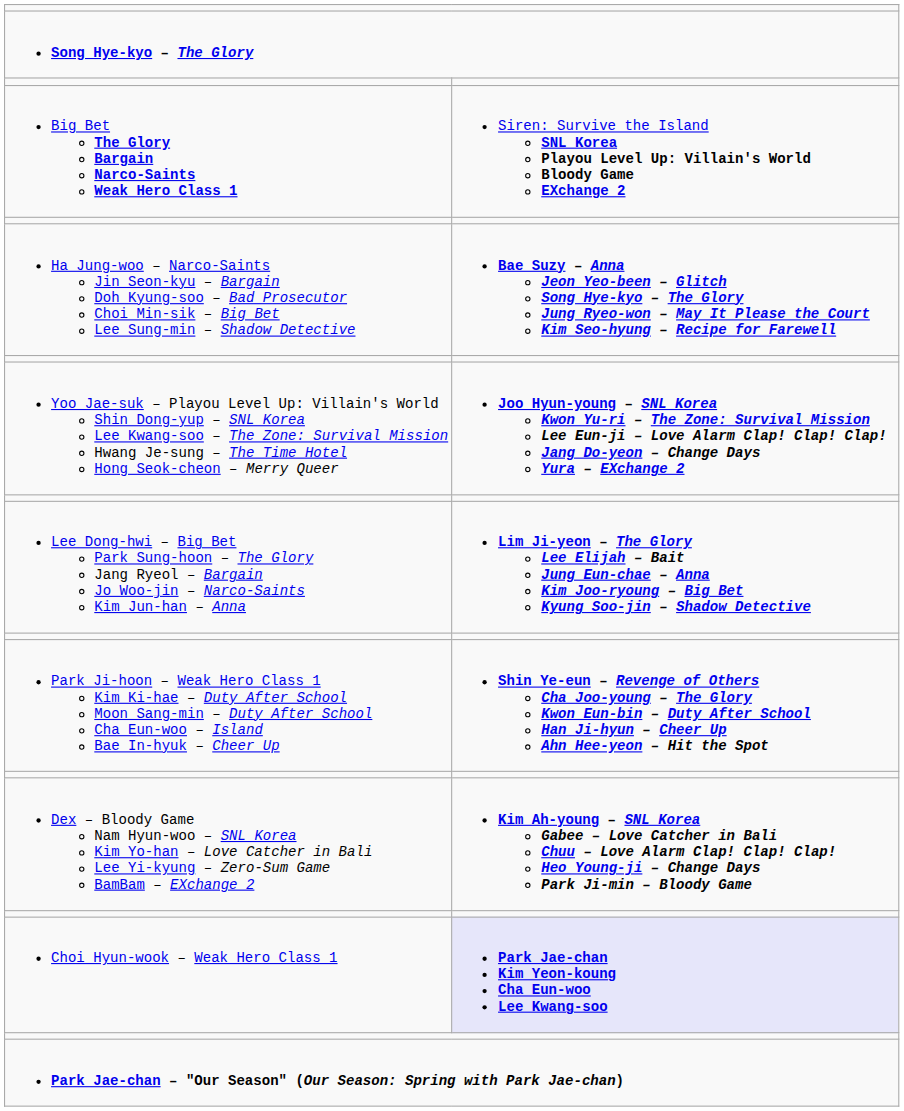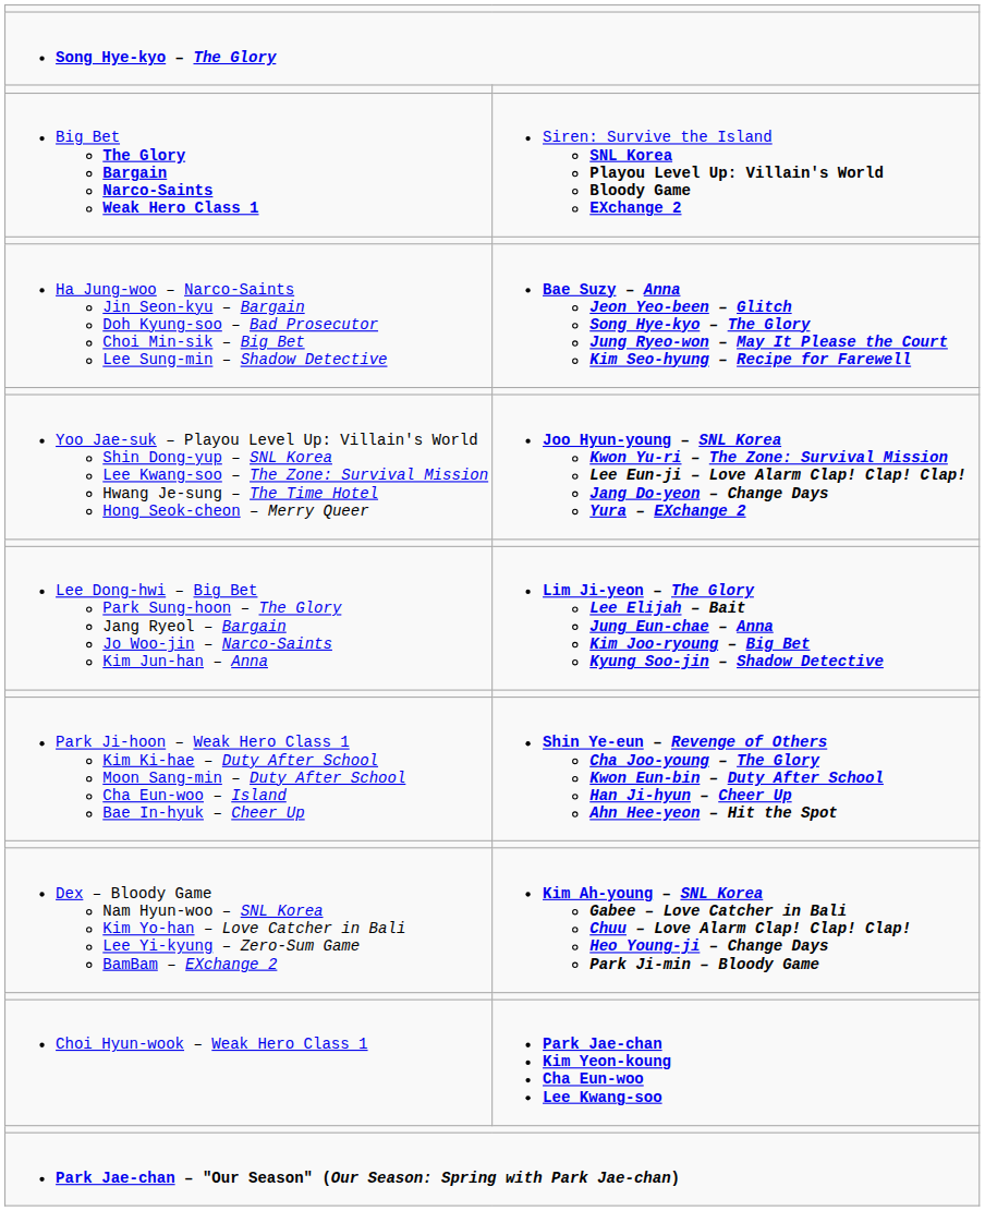 <table class="wikitable" align="center">
 <tr>
 <td colspan="2" style="vertical-align:top; width:50%;"></td>
 </tr>
 <tr>
 <td colspan="2" valign="top"><br><ul><li><strong><a href='#'>Song Hye-kyo</a> – <em><a href='#'>The Glory</a><strong><em></li></ul></td>
 </tr>
 <tr>
 <td style="vertical-align:top; width:50%;"></td>
 <td style="vertical-align:top; width:50%;"></td>
 </tr>
 <tr>
 <td valign="top"><br><ul><li></em></strong><a href='#'>Big Bet</a><strong><em><ul><li></em><a href='#'>The Glory</a><em></li><li></em><a href='#'>Bargain</a><em></li><li></em><a href='#'>Narco-Saints</a><em></li><li></em><a href='#'>Weak Hero Class 1</a><em></li></ul></li></ul></td>
 <td valign="top"><br><ul><li></em></strong><a href='#'>Siren: Survive the Island</a><strong><em><ul><li></em><a href='#'>SNL Korea</a><em></li><li></em>Playou Level Up: Villain's World<em></li><li></em>Bloody Game<em></li><li></em><a href='#'>EXchange 2</a><em></li></ul></li></ul></td>
 </tr>
 <tr>
 <td style="vertical-align:top; width:50%;"></td>
 <td style="vertical-align:top; width:50%;"></td>
 </tr>
 <tr>
 <td valign="top"><br><ul><li></strong><a href='#'>Ha Jung-woo</a> – </em><a href='#'>Narco-Saints</a></em></strong><ul><li><a href='#'>Jin Seon-kyu</a> – <em><a href='#'>Bargain</a></em></li><li><a href='#'>Doh Kyung-soo</a> – <em><a href='#'>Bad Prosecutor</a></em></li><li><a href='#'>Choi Min-sik</a> – <em><a href='#'>Big Bet</a></em></li><li><a href='#'>Lee Sung-min</a> – <em><a href='#'>Shadow Detective</a></em></li></ul></li></ul></td>
 <td valign="top"><br><ul><li><strong><a href='#'>Bae Suzy</a> – <em><a href='#'>Anna</a><strong><em><ul><li><a href='#'>Jeon Yeo-been</a> – </em><a href='#'>Glitch</a><em></li><li><a href='#'>Song Hye-kyo</a> – </em><a href='#'>The Glory</a><em></li><li><a href='#'>Jung Ryeo-won</a> – </em><a href='#'>May It Please the Court</a><em></li><li><a href='#'>Kim Seo-hyung</a> – </em><a href='#'>Recipe for Farewell</a><em></li></ul></li></ul></td>
 </tr>
 <tr>
 <td style="vertical-align:top; width:50%;"></td>
 <td style="vertical-align:top; width:50%;"></td>
 </tr>
 <tr>
 <td valign="top"><br><ul><li></strong><a href='#'>Yoo Jae-suk</a> – </em>Playou Level Up: Villain's World</em></strong><ul><li><a href='#'>Shin Dong-yup</a> – <em><a href='#'>SNL Korea</a></em></li><li><a href='#'>Lee Kwang-soo</a> – <em><a href='#'>The Zone: Survival Mission</a></em></li><li>Hwang Je-sung – <em><a href='#'>The Time Hotel</a></em></li><li><a href='#'>Hong Seok-cheon</a> – <em>Merry Queer</em></li></ul></li></ul></td>
 <td valign="top"><br><ul><li><strong><a href='#'>Joo Hyun-young</a> – <em><a href='#'>SNL Korea</a><strong><em><ul><li><a href='#'>Kwon Yu-ri</a> – </em><a href='#'>The Zone: Survival Mission</a><em></li><li>Lee Eun-ji – </em>Love Alarm Clap! Clap! Clap!<em></li><li><a href='#'>Jang Do-yeon</a> – </em>Change Days<em></li><li><a href='#'>Yura</a> – </em><a href='#'>EXchange 2</a><em></li></ul></li></ul></td>
 </tr>
 <tr>
 <td style="vertical-align:top; width:50%;"></td>
 <td style="vertical-align:top; width:50%;"></td>
 </tr>
 <tr>
 <td valign="top"><br><ul><li></strong><a href='#'>Lee Dong-hwi</a> – </em><a href='#'>Big Bet</a></em></strong><ul><li><a href='#'>Park Sung-hoon</a> – <em><a href='#'>The Glory</a></em></li><li>Jang Ryeol – <em><a href='#'>Bargain</a></em></li><li><a href='#'>Jo Woo-jin</a> – <em><a href='#'>Narco-Saints</a></em></li><li><a href='#'>Kim Jun-han</a> – <em><a href='#'>Anna</a></em></li></ul></li></ul></td>
 <td valign="top"><br><ul><li><strong><a href='#'>Lim Ji-yeon</a> – <em><a href='#'>The Glory</a><strong><em><ul><li><a href='#'>Lee Elijah</a> – </em>Bait<em></li><li><a href='#'>Jung Eun-chae</a> – </em><a href='#'>Anna</a><em></li><li><a href='#'>Kim Joo-ryoung</a> – </em><a href='#'>Big Bet</a><em></li><li><a href='#'>Kyung Soo-jin</a> – </em><a href='#'>Shadow Detective</a><em></li></ul></li></ul></td>
 </tr>
 <tr>
 <td style="vertical-align:top; width:50%;"></td>
 <td style="vertical-align:top; width:50%;"></td>
 </tr>
 <tr>
 <td valign="top"><br><ul><li></strong><a href='#'>Park Ji-hoon</a> – </em><a href='#'>Weak Hero Class 1</a></em></strong><ul><li><a href='#'>Kim Ki-hae</a> – <em><a href='#'>Duty After School</a></em></li><li><a href='#'>Moon Sang-min</a> – <em><a href='#'>Duty After School</a></em></li><li><a href='#'>Cha Eun-woo</a> – <em><a href='#'>Island</a></em></li><li><a href='#'>Bae In-hyuk</a> – <em><a href='#'>Cheer Up</a></em></li></ul></li></ul></td>
 <td valign="top"><br><ul><li><strong><a href='#'>Shin Ye-eun</a> – <em><a href='#'>Revenge of Others</a><strong><em><ul><li><a href='#'>Cha Joo-young</a> – </em><a href='#'>The Glory</a><em></li><li><a href='#'>Kwon Eun-bin</a> – </em><a href='#'>Duty After School</a><em></li><li><a href='#'>Han Ji-hyun</a> – </em><a href='#'>Cheer Up</a><em></li><li><a href='#'>Ahn Hee-yeon</a> – </em>Hit the Spot<em></li></ul></li></ul></td>
 </tr>
 <tr>
 <td style="vertical-align:top; width:50%;"></td>
 <td style="vertical-align:top; width:50%;"></td>
 </tr>
 <tr>
 <td valign="top"><br><ul><li></strong><a href='#'>Dex</a> – </em>Bloody Game</em></strong><ul><li>Nam Hyun-woo – <em><a href='#'>SNL Korea</a></em></li><li><a href='#'>Kim Yo-han</a> – <em>Love Catcher in Bali</em></li><li><a href='#'>Lee Yi-kyung</a> – <em>Zero-Sum Game</em></li><li><a href='#'>BamBam</a> – <em><a href='#'>EXchange 2</a></em></li></ul></li></ul></td>
 <td valign="top"><br><ul><li><strong><a href='#'>Kim Ah-young</a> – <em><a href='#'>SNL Korea</a><strong><em><ul><li>Gabee – </em>Love Catcher in Bali<em></li><li><a href='#'>Chuu</a> – </em>Love Alarm Clap! Clap! Clap!<em></li><li><a href='#'>Heo Young-ji</a> – </em>Change Days<em></li><li>Park Ji-min – </em>Bloody Game<em></li></ul></li></ul></td>
 </tr>
 <tr>
 <td style="vertical-align:top; width:50%;"></td>
 <td style="vertical-align:top; width:50%;"></td>
 </tr>
 <tr>
 <td valign="top"><strong><br><ul><li></strong><a href='#'>Choi Hyun-wook</a> – </em><a href='#'>Weak Hero Class 1</a></em></strong></li></ul></strong></td>
-<td valign="top" style="background: lavender;"><br><ul><li><strong><a href='#'>Park Jae-chan</a></strong></li><li><strong><a href='#'>Kim Yeon-koung</a></strong></li><li><strong><a href='#'>Cha Eun-woo</a></strong></li><li><strong><a href='#'>Lee Kwang-soo</a></strong></li></ul></td>
+<td valign="top"><br><ul><li><strong><a href='#'>Park Jae-chan</a></strong></li><li><strong><a href='#'>Kim Yeon-koung</a></strong></li><li><strong><a href='#'>Cha Eun-woo</a></strong></li><li><strong><a href='#'>Lee Kwang-soo</a></strong></li></ul></td>
 </tr>
 <tr>
 <td colspan="2" style="vertical-align:top; width:50%;"></td>
 </tr>
 <tr>
 <td colspan="2" valign="top"><br><ul><li><strong><a href='#'>Park Jae-chan</a> – "Our Season" (<em>Our Season: Spring with Park Jae-chan</em>)</strong></li></ul></td>
 </tr>
 </table>
